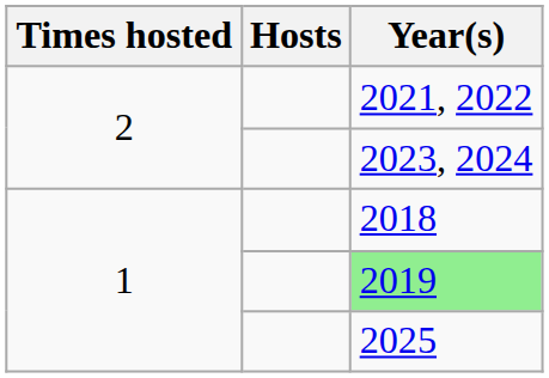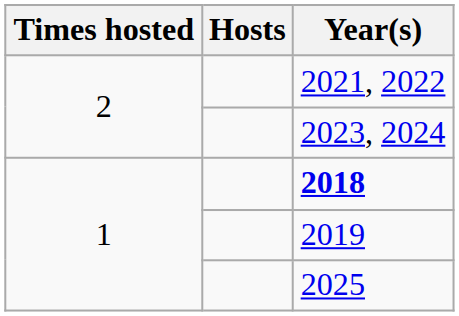 <table class="wikitable" style="margin:0 auto;">
 <tr>
 <th>Times hosted</th>
 <th>Hosts</th>
 <th>Year(s)</th>
 </tr>
 <tr>
 <td rowspan="2" style="text-align:center;">2</td>
 <td></td>
 <td><a href='#'>2021</a>, <a href='#'>2022</a></td>
 </tr>
 <tr>
 <td></td>
 <td><a href='#'>2023</a>, <a href='#'>2024</a></td>
 </tr>
 <tr>
 <td rowspan="3" style="text-align:center;">1</td>
 <td></td>
-<td><a href='#'>2018</a></td>
+<td><strong><a href='#'>2018</a></strong></td>
 </tr>
 <tr>
 <td></td>
-<td style="background: lightgreen;"><a href='#'>2019</a></td>
+<td><a href='#'>2019</a></td>
 </tr>
 <tr>
 <td></td>
 <td><a href='#'>2025</a></td>
 </tr>
 </table>
